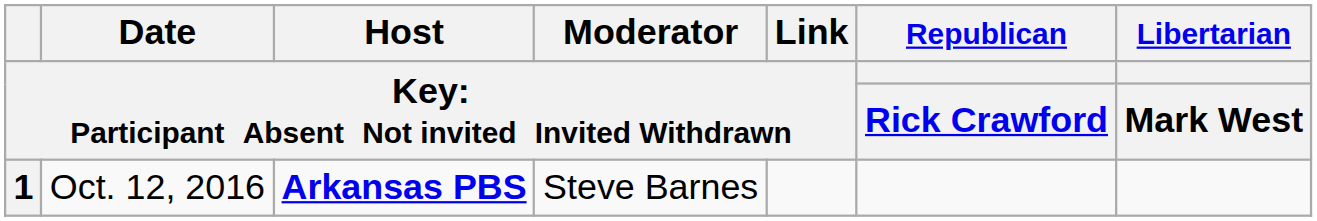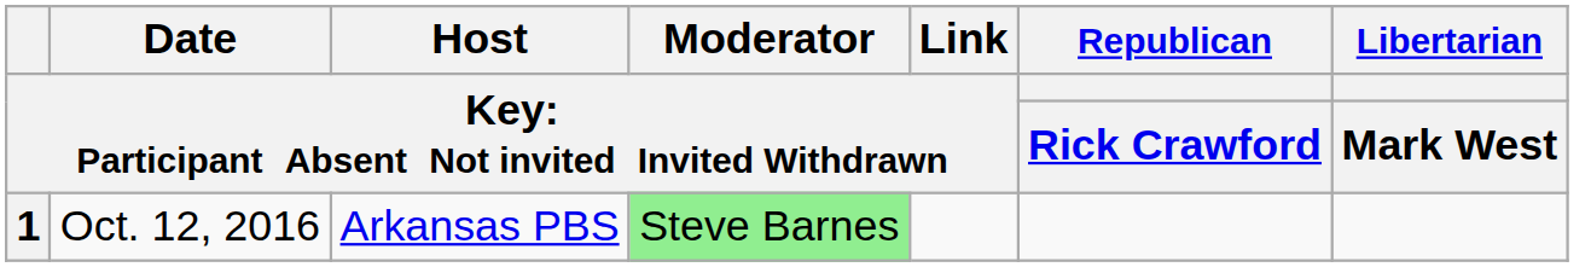 <table class="wikitable" style="text-align:center;">
 <tr>
 <th scope="col"></th>
 <th scope="col">Date</th>
 <th scope="col">Host</th>
 <th scope="col">Moderator</th>
 <th scope="col">Link</th>
 <th scope="col"><small><a href='#'>Republican</a></small></th>
 <th scope="col"><small><a href='#'>Libertarian</a></small></th>
 </tr>
 <tr>
 <th colspan="5" rowspan="2">Key:<br> <small>Participant </small>  <small>Absent </small>  <small>Not invited </small>  <small>Invited  Withdrawn</small></th>
 <th scope="col" style="background:"></th>
 <th scope="col" style="background:"></th>
 </tr>
 <tr>
 <th scope="col"><a href='#'>Rick Crawford</a></th>
 <th scope="col">Mark West</th>
 </tr>
 <tr>
 <th>1</th>
 <td style="white-space:nowrap;">Oct. 12, 2016</td>
-<td style="white-space:nowrap;"><strong><a href='#'>Arkansas PBS</a></strong></td>
-<td style="white-space:nowrap;">Steve Barnes</td>
+<td style="white-space:nowrap;"><a href='#'>Arkansas PBS</a></td>
+<td style="background: lightgreen; white-space:nowrap;">Steve Barnes</td>
 <td style="white-space:nowrap;"></td>
 <td></td>
 <td></td>
 </tr>
 </table>
